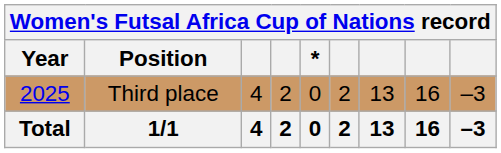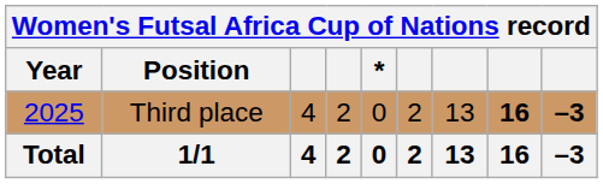 <table class="wikitable" style="text-align: center;">
 <tr>
 <th colspan="9"><a href='#'>Women's Futsal Africa Cup of Nations</a> record</th>
 </tr>
 <tr>
 <th>Year</th>
 <th>Position</th>
 <th></th>
 <th></th>
 <th>*</th>
 <th></th>
 <th></th>
 <th></th>
 <th></th>
 </tr>
 <tr bgcolor=#cc9966>
 <td> <a href='#'>2025</a></td>
 <td>Third place</td>
 <td>4</td>
 <td>2</td>
 <td>0</td>
 <td>2</td>
 <td>13</td>
-<td>16</td>
-<td>–3</td>
+<td><strong>16</strong></td>
+<td><strong>–3</strong></td>
 </tr>
 <tr>
 <th>Total</th>
 <th>1/1</th>
 <th>4</th>
 <th>2</th>
 <th>0</th>
 <th>2</th>
 <th>13</th>
 <th>16</th>
 <th>–3</th>
 </tr>
 </table>
